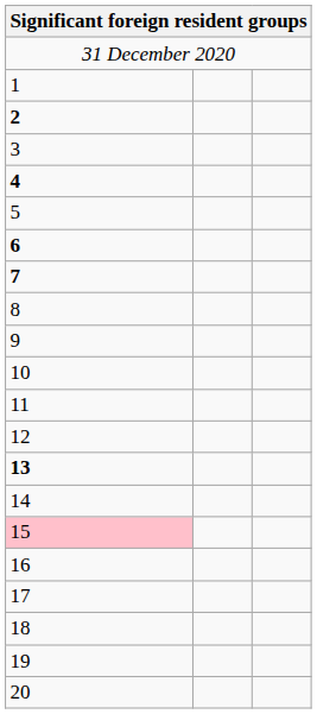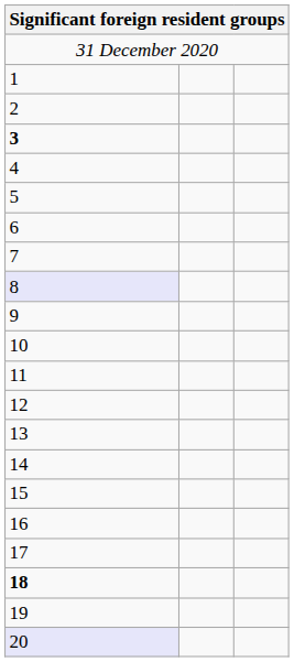 <table class="wikitable">
 <tr>
 <th colspan=3>Significant foreign resident groups </th>
 </tr>
 <tr>
 <td colspan=3 style="text-align:center;"><em>31 December 2020</em></td>
 </tr>
 <tr>
 <td>1</td>
 <td></td>
 <td align=right></td>
 </tr>
 <tr>
-<td><strong>2</strong></td>
+<td>2</td>
 <td></td>
 <td align=right></td>
 </tr>
 <tr>
-<td>3</td>
+<td><strong>3</strong></td>
 <td></td>
 <td align=right></td>
 </tr>
 <tr>
-<td><strong>4</strong></td>
+<td>4</td>
 <td></td>
 <td align=right></td>
 </tr>
 <tr>
 <td>5</td>
 <td></td>
 <td align=right></td>
 </tr>
 <tr>
-<td><strong>6</strong></td>
+<td>6</td>
 <td></td>
 <td align=right></td>
 </tr>
 <tr>
-<td><strong>7</strong></td>
+<td>7</td>
 <td></td>
 <td align=right></td>
 </tr>
 <tr>
-<td>8</td>
+<td style="background: lavender;">8</td>
 <td></td>
 <td align=right></td>
 </tr>
 <tr>
 <td>9</td>
 <td></td>
 <td align=right></td>
 </tr>
 <tr>
 <td>10</td>
 <td></td>
 <td align=right></td>
 </tr>
 <tr>
 <td>11</td>
 <td></td>
 <td align=right></td>
 </tr>
 <tr>
 <td>12</td>
 <td></td>
 <td align=right></td>
 </tr>
 <tr>
-<td><strong>13</strong></td>
+<td>13</td>
 <td></td>
 <td align=right></td>
 </tr>
 <tr>
 <td>14</td>
 <td></td>
 <td align=right></td>
 </tr>
 <tr>
-<td style="background: pink;">15</td>
+<td>15</td>
 <td></td>
 <td align=right></td>
 </tr>
 <tr>
 <td>16</td>
 <td></td>
 <td align=right></td>
 </tr>
 <tr>
 <td>17</td>
 <td></td>
 <td align=right></td>
 </tr>
 <tr>
-<td>18</td>
+<td><strong>18</strong></td>
 <td></td>
 <td align=right></td>
 </tr>
 <tr>
 <td>19</td>
 <td></td>
 <td align=right></td>
 </tr>
 <tr>
-<td>20</td>
+<td style="background: lavender;">20</td>
 <td></td>
 <td align=right></td>
 </tr>
 </table>
